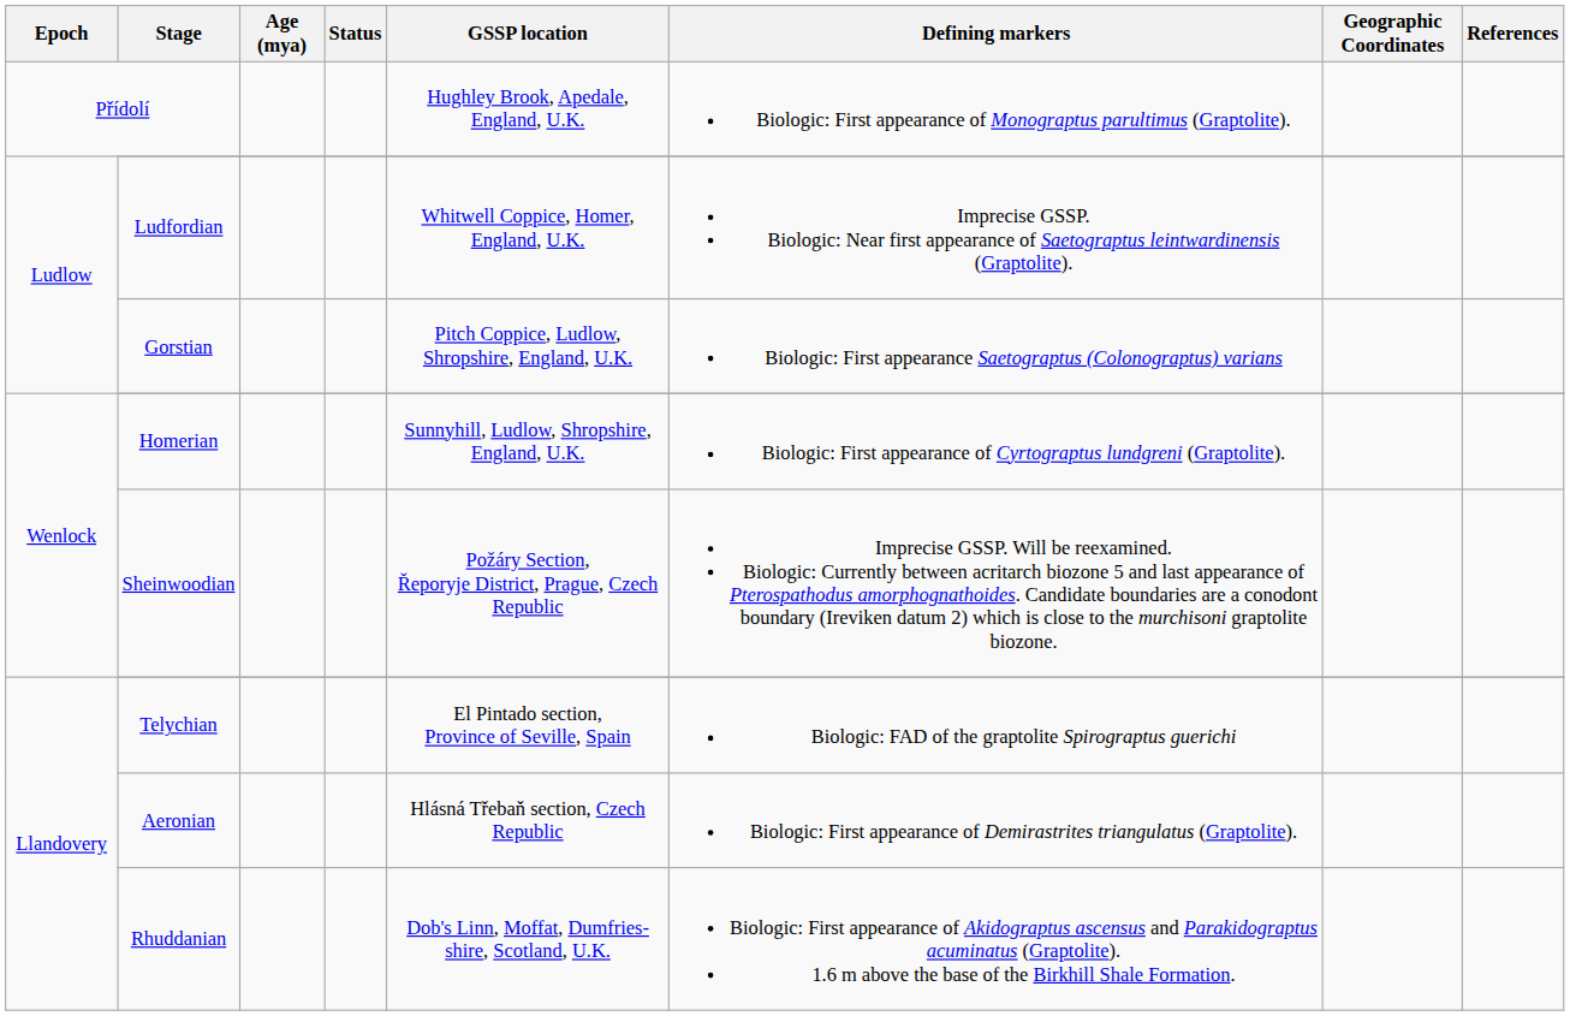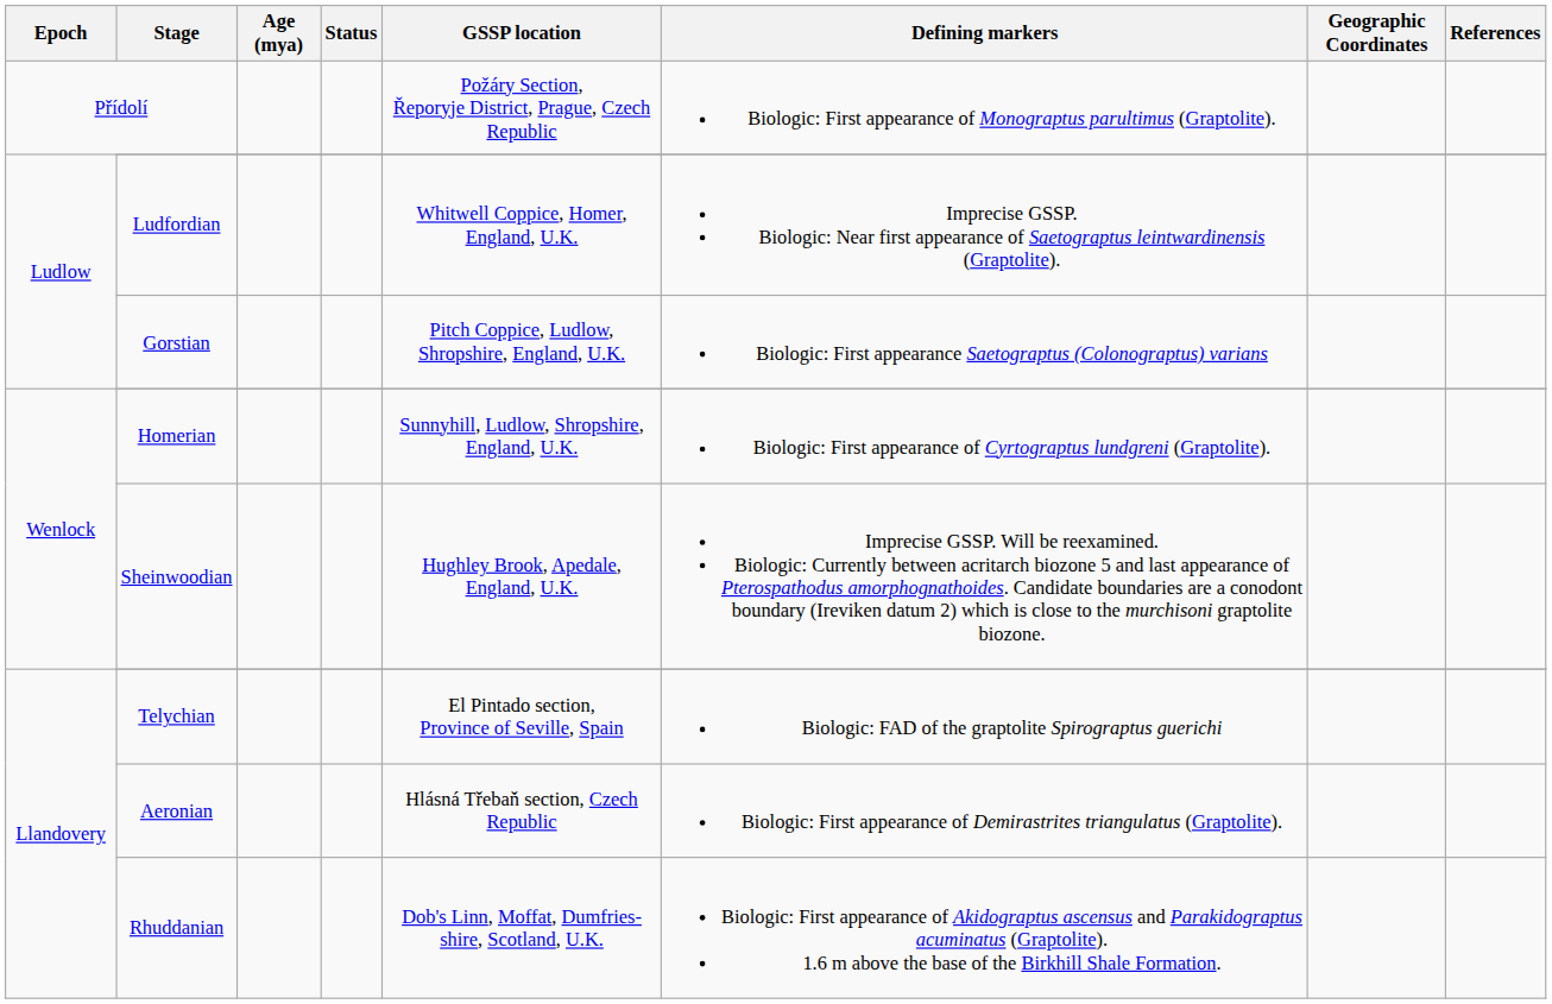 <table class="wikitable"  style="font-size:90%; width:90%; text-align:center;">
 <tr>
 <th style="width:75px;">Epoch</th>
 <th style="width:75px;">Stage</th>
 <th style="width:55px;">Age (mya)</th>
 <th style="width:15px;">Status</th>
 <th style="width:200px;">GSSP location</th>
 <th width="">Defining markers</th>
 <th width="">Geographic Coordinates</th>
 <th width="">References</th>
 </tr>
 <tr style="background:">
 <td colspan="2"><a href='#'>Přídolí</a></td>
 <td></td>
 <td></td>
-<td><a href='#'>Hughley Brook</a>, <a href='#'>Apedale</a>, <a href='#'>England</a>, <a href='#'>U.K.</a></td>
+<td><a href='#'>Požáry Section</a>,<br><a href='#'>Řeporyje District</a>, <a href='#'>Prague</a>, <a href='#'>Czech Republic</a></td>
 <td><br><ul><li>Biologic: First appearance of <em><a href='#'>Monograptus parultimus</a></em> (<a href='#'>Graptolite</a>).</li></ul></td>
 <td></td>
 <td></td>
 </tr>
 <tr style="background:">
 <td rowspan="3"><a href='#'>Ludlow</a></td>
 </tr>
 <tr style="background:">
 <td><a href='#'>Ludfordian</a></td>
 <td></td>
 <td></td>
 <td><a href='#'>Whitwell Coppice</a>, <a href='#'>Homer</a>, <a href='#'>England</a>, <a href='#'>U.K.</a></td>
 <td><br><ul><li>Imprecise GSSP.</li><li>Biologic: Near first appearance of <em><a href='#'>Saetograptus leintwardinensis</a></em> (<a href='#'>Graptolite</a>).</li></ul></td>
 <td></td>
 <td></td>
 </tr>
 <tr style="background:">
 <td><a href='#'>Gorstian</a></td>
 <td></td>
 <td></td>
 <td><a href='#'>Pitch Coppice</a>, <a href='#'>Ludlow</a>, <a href='#'>Shropshire</a>, <a href='#'>England</a>, <a href='#'>U.K.</a></td>
 <td><br><ul><li>Biologic: First appearance <em><a href='#'>Saetograptus (Colonograptus) varians</a></em></li></ul></td>
 <td></td>
 <td></td>
 </tr>
 <tr style="background:">
 <td rowspan="3"><a href='#'>Wenlock</a></td>
 </tr>
 <tr style="background:">
 <td><a href='#'>Homerian</a></td>
 <td></td>
 <td></td>
 <td><a href='#'>Sunnyhill</a>, <a href='#'>Ludlow</a>, <a href='#'>Shropshire</a>, <a href='#'>England</a>, <a href='#'>U.K.</a></td>
 <td><br><ul><li>Biologic: First appearance of <em><a href='#'>Cyrtograptus lundgreni</a></em> (<a href='#'>Graptolite</a>).</li></ul></td>
 <td></td>
 <td></td>
 </tr>
 <tr style="background:">
 <td><a href='#'>Sheinwoodian</a></td>
 <td></td>
 <td></td>
-<td><a href='#'>Požáry Section</a>,<br><a href='#'>Řeporyje District</a>, <a href='#'>Prague</a>, <a href='#'>Czech Republic</a></td>
+<td><a href='#'>Hughley Brook</a>, <a href='#'>Apedale</a>, <a href='#'>England</a>, <a href='#'>U.K.</a></td>
 <td><br><ul><li>Imprecise GSSP. Will be reexamined.</li><li>Biologic: Currently between acritarch biozone 5 and last appearance of <em><a href='#'>Pterospathodus amorphognathoides</a></em>. Candidate boundaries are a conodont boundary (Ireviken datum 2) which is close to the <em>murchisoni</em> graptolite biozone.</li></ul></td>
 <td></td>
 <td></td>
 </tr>
 <tr style="background:">
 <td rowspan="4"><a href='#'>Llandovery</a></td>
 </tr>
 <tr style="background:">
 <td><a href='#'>Telychian</a></td>
 <td></td>
 <td></td>
 <td>El Pintado section,<br><a href='#'>Province of Seville</a>, <a href='#'>Spain</a></td>
 <td><br><ul><li>Biologic: FAD of the graptolite <em>Spirograptus guerichi</em></li></ul></td>
 <td></td>
 <td></td>
 </tr>
 <tr style="background:">
 <td><a href='#'>Aeronian</a></td>
 <td></td>
 <td></td>
 <td>Hlásná Třebaň section, <a href='#'>Czech Republic</a></td>
 <td><br><ul><li>Biologic: First appearance of <em>Demirastrites triangulatus</em> (<a href='#'>Graptolite</a>).</li></ul></td>
 <td></td>
 <td></td>
 </tr>
 <tr style="background:">
 <td><a href='#'>Rhuddanian</a></td>
 <td></td>
 <td></td>
 <td><a href='#'>Dob's Linn</a>, <a href='#'>Moffat</a>, <a href='#'>Dumfries-shire</a>, <a href='#'>Scotland</a>, <a href='#'>U.K.</a></td>
 <td><br><ul><li>Biologic: First appearance of <em><a href='#'>Akidograptus ascensus</a></em> and <em><a href='#'>Parakidograptus acuminatus</a></em> (<a href='#'>Graptolite</a>).</li><li>1.6 m above the base of the <a href='#'>Birkhill Shale Formation</a>.</li></ul></td>
 <td></td>
 <td></td>
 </tr>
 </table>
